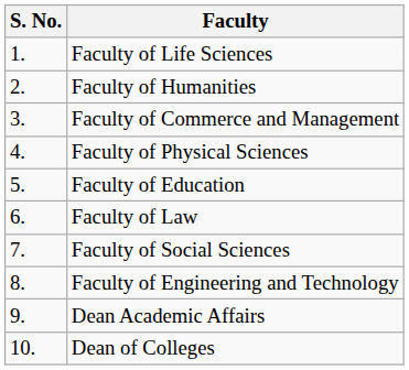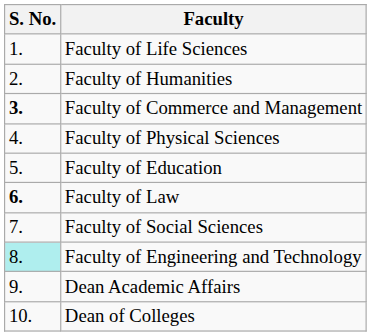 <table class="wikitable">
 <tr>
 <th>S. No.</th>
 <th>Faculty</th>
 </tr>
 <tr>
 <td>1.</td>
 <td>Faculty of Life Sciences</td>
 </tr>
 <tr>
 <td>2.</td>
 <td>Faculty of Humanities</td>
 </tr>
 <tr>
-<td>3.</td>
+<td><strong>3.</strong></td>
 <td>Faculty of Commerce and Management</td>
 </tr>
 <tr>
 <td>4.</td>
 <td>Faculty of Physical Sciences</td>
 </tr>
 <tr>
 <td>5.</td>
 <td>Faculty of Education</td>
 </tr>
 <tr>
-<td>6.</td>
+<td><strong>6.</strong></td>
 <td>Faculty of Law</td>
 </tr>
 <tr>
 <td>7.</td>
 <td>Faculty of Social Sciences</td>
 </tr>
 <tr>
-<td>8.</td>
+<td style="background: paleturquoise;">8.</td>
 <td>Faculty of Engineering and Technology</td>
 </tr>
 <tr>
 <td>9.</td>
 <td>Dean Academic Affairs</td>
 </tr>
 <tr>
 <td>10.</td>
 <td>Dean of Colleges</td>
 </tr>
 </table>
